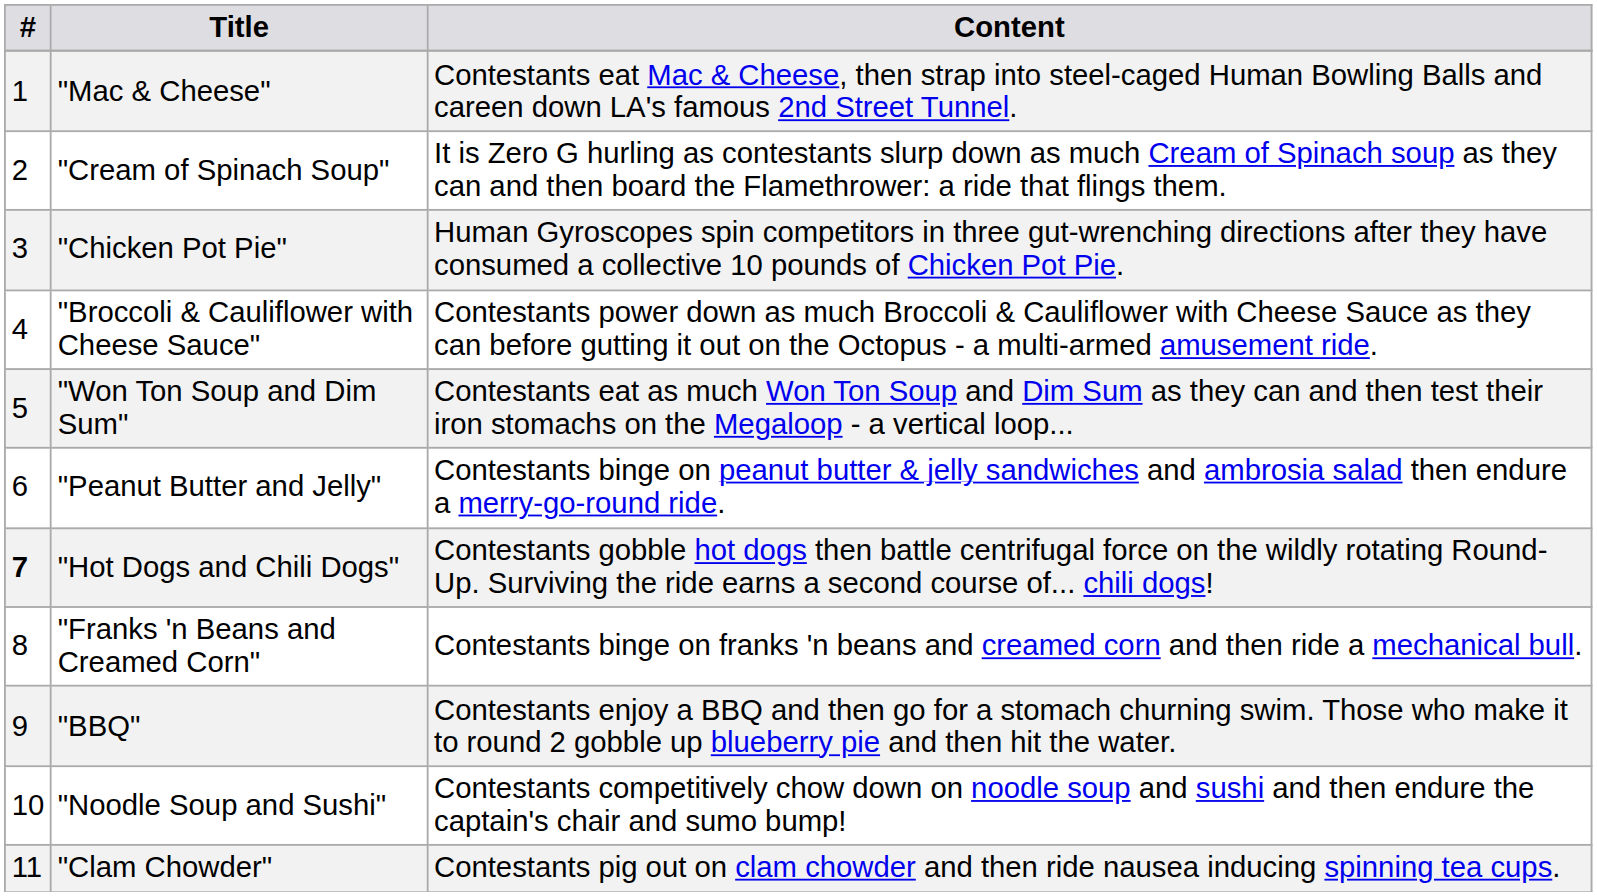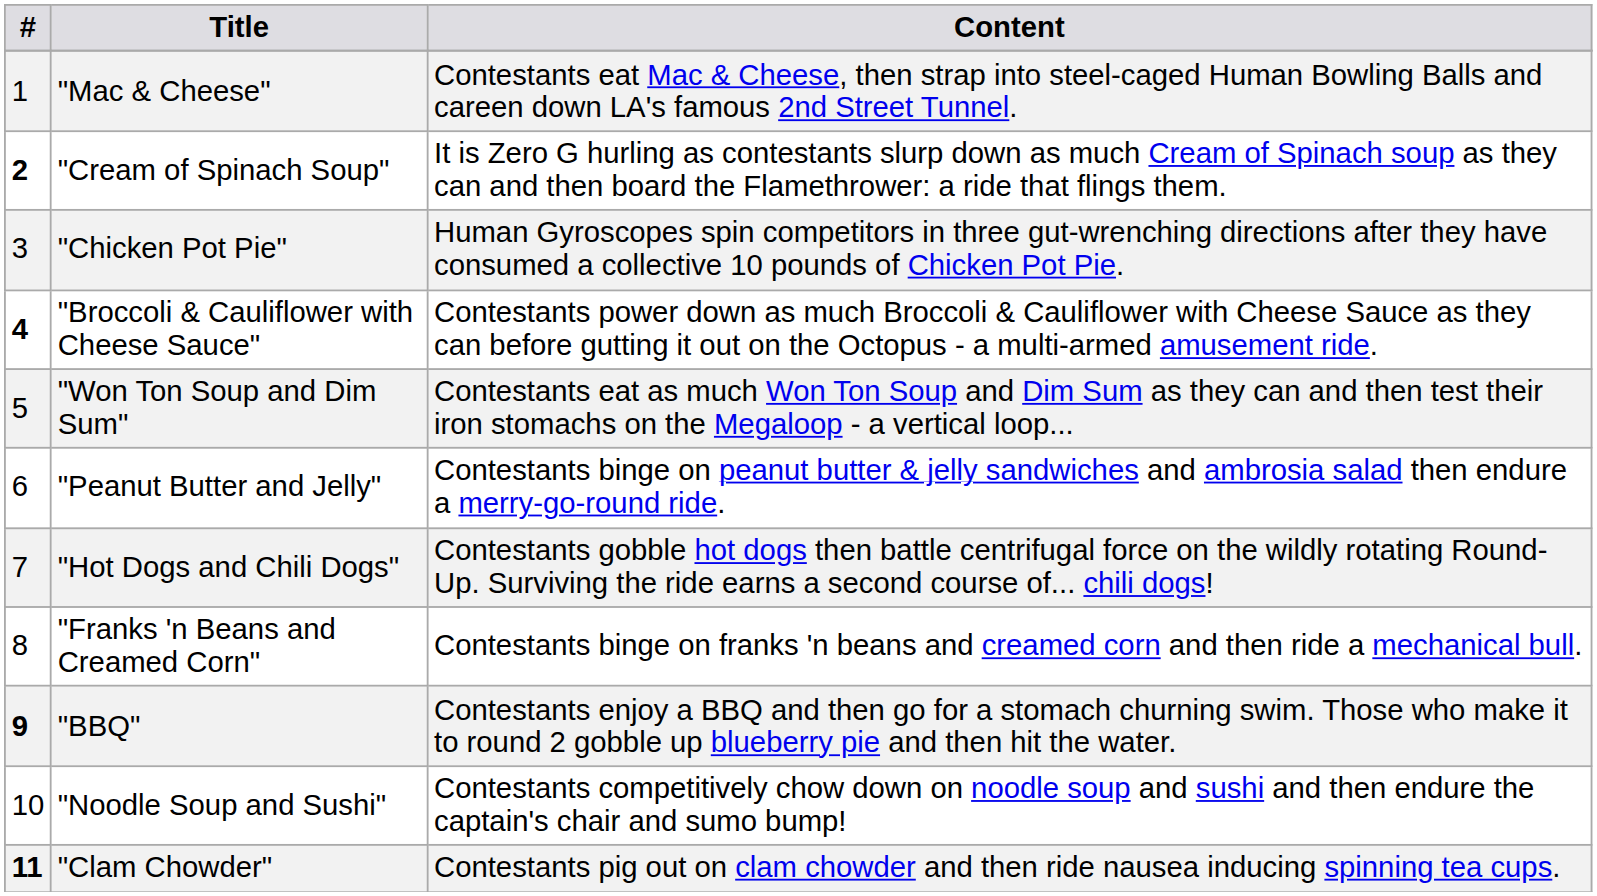 <table class="wikitable">
 <tr>
 <th style="background-color: #DEDDE2">#</th>
 <th style="background-color: #DEDDE2">Title</th>
 <th style="background-color: #DEDDE2">Content</th>
 </tr>
 <tr style="background-color: #F2F2F2;" |>
 </tr>
 <tr style="background-color: #F2F2F2;" |>
 <td>1</td>
 <td>"Mac & Cheese"</td>
 <td>Contestants eat <a href='#'>Mac & Cheese</a>, then strap into steel-caged Human Bowling Balls and careen down LA's famous <a href='#'>2nd Street Tunnel</a>.</td>
 </tr>
 <tr style="background-color: #FFFFFF;" |>
-<td>2</td>
+<td><strong>2</strong></td>
 <td>"Cream of Spinach Soup"</td>
 <td>It is Zero G hurling as contestants slurp down as much <a href='#'>Cream of Spinach soup</a> as they can and then board the Flamethrower: a ride that flings them.</td>
 </tr>
 <tr style="background-color: #F2F2F2;" |>
 <td>3</td>
 <td>"Chicken Pot Pie"</td>
 <td>Human Gyroscopes spin competitors in three gut-wrenching directions after they have consumed a collective 10 pounds of <a href='#'>Chicken Pot Pie</a>.</td>
 </tr>
 <tr style="background-color: #FFFFFF;" |>
-<td>4</td>
+<td><strong>4</strong></td>
 <td>"Broccoli & Cauliflower with Cheese Sauce"</td>
 <td>Contestants power down as much Broccoli & Cauliflower with Cheese Sauce as they can before gutting it out on the Octopus - a multi-armed <a href='#'>amusement ride</a>.</td>
 </tr>
 <tr style="background-color: #F2F2F2;" |>
 <td>5</td>
 <td>"Won Ton Soup and Dim Sum"</td>
 <td>Contestants eat as much <a href='#'>Won Ton Soup</a> and <a href='#'>Dim Sum</a> as they can and then test their iron stomachs on the <a href='#'>Megaloop</a> - a  vertical loop...</td>
 </tr>
 <tr style="background-color: #FFFFFF;" |>
 <td>6</td>
 <td>"Peanut Butter and Jelly"</td>
 <td>Contestants binge on <a href='#'>peanut butter & jelly sandwiches</a> and <a href='#'>ambrosia salad</a> then endure a <a href='#'>merry-go-round ride</a>.</td>
 </tr>
 <tr style="background-color: #F2F2F2;" |>
-<td><strong>7</strong></td>
+<td>7</td>
 <td>"Hot Dogs and Chili Dogs"</td>
 <td>Contestants gobble <a href='#'>hot dogs</a> then battle centrifugal force on the wildly rotating Round-Up. Surviving the ride earns a second course of... <a href='#'>chili dogs</a>!</td>
 </tr>
 <tr style="background-color: #FFFFFF;" |>
 <td>8</td>
 <td>"Franks 'n Beans and Creamed Corn"</td>
 <td>Contestants binge on franks 'n beans and <a href='#'>creamed corn</a> and then ride a <a href='#'>mechanical bull</a>.</td>
 </tr>
 <tr style="background-color: #F2F2F2;" |>
-<td>9</td>
+<td><strong>9</strong></td>
 <td>"BBQ"</td>
 <td>Contestants enjoy a BBQ and then go for a stomach churning swim. Those who make it to round 2 gobble up <a href='#'>blueberry pie</a> and then hit the water.</td>
 </tr>
 <tr style="background-color: #FFFFFF;" |>
 <td>10</td>
 <td>"Noodle Soup and Sushi"</td>
 <td>Contestants competitively chow down on <a href='#'>noodle soup</a> and <a href='#'>sushi</a> and then endure the captain's chair and sumo bump!</td>
 </tr>
 <tr style="background-color: #F2F2F2;" |>
-<td>11</td>
+<td><strong>11</strong></td>
 <td>"Clam Chowder"</td>
 <td>Contestants pig out on <a href='#'>clam chowder</a> and then ride nausea inducing <a href='#'>spinning tea cups</a>.</td>
 </tr>
 <tr style="background-color: #FFFFFF;" |>
 </tr>
 </table>
